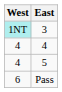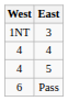 <table class="wikitable" style="float:left; margin-top:10px; margin-right:15px;">
 <tr>
 <th width="50%">West</th>
 <th width="50%">East</th>
 </tr>
 <tr align=center>
-<td style="background: paleturquoise;">1NT</td>
+<td>1NT</td>
 <td>3</td>
 </tr>
 <tr align=center>
 <td>4</td>
 <td>4</td>
 </tr>
 <tr align=center>
 <td>4</td>
 <td>5</td>
 </tr>
 <tr align=center>
 <td>6</td>
 <td>Pass</td>
 </tr>
 </table>
